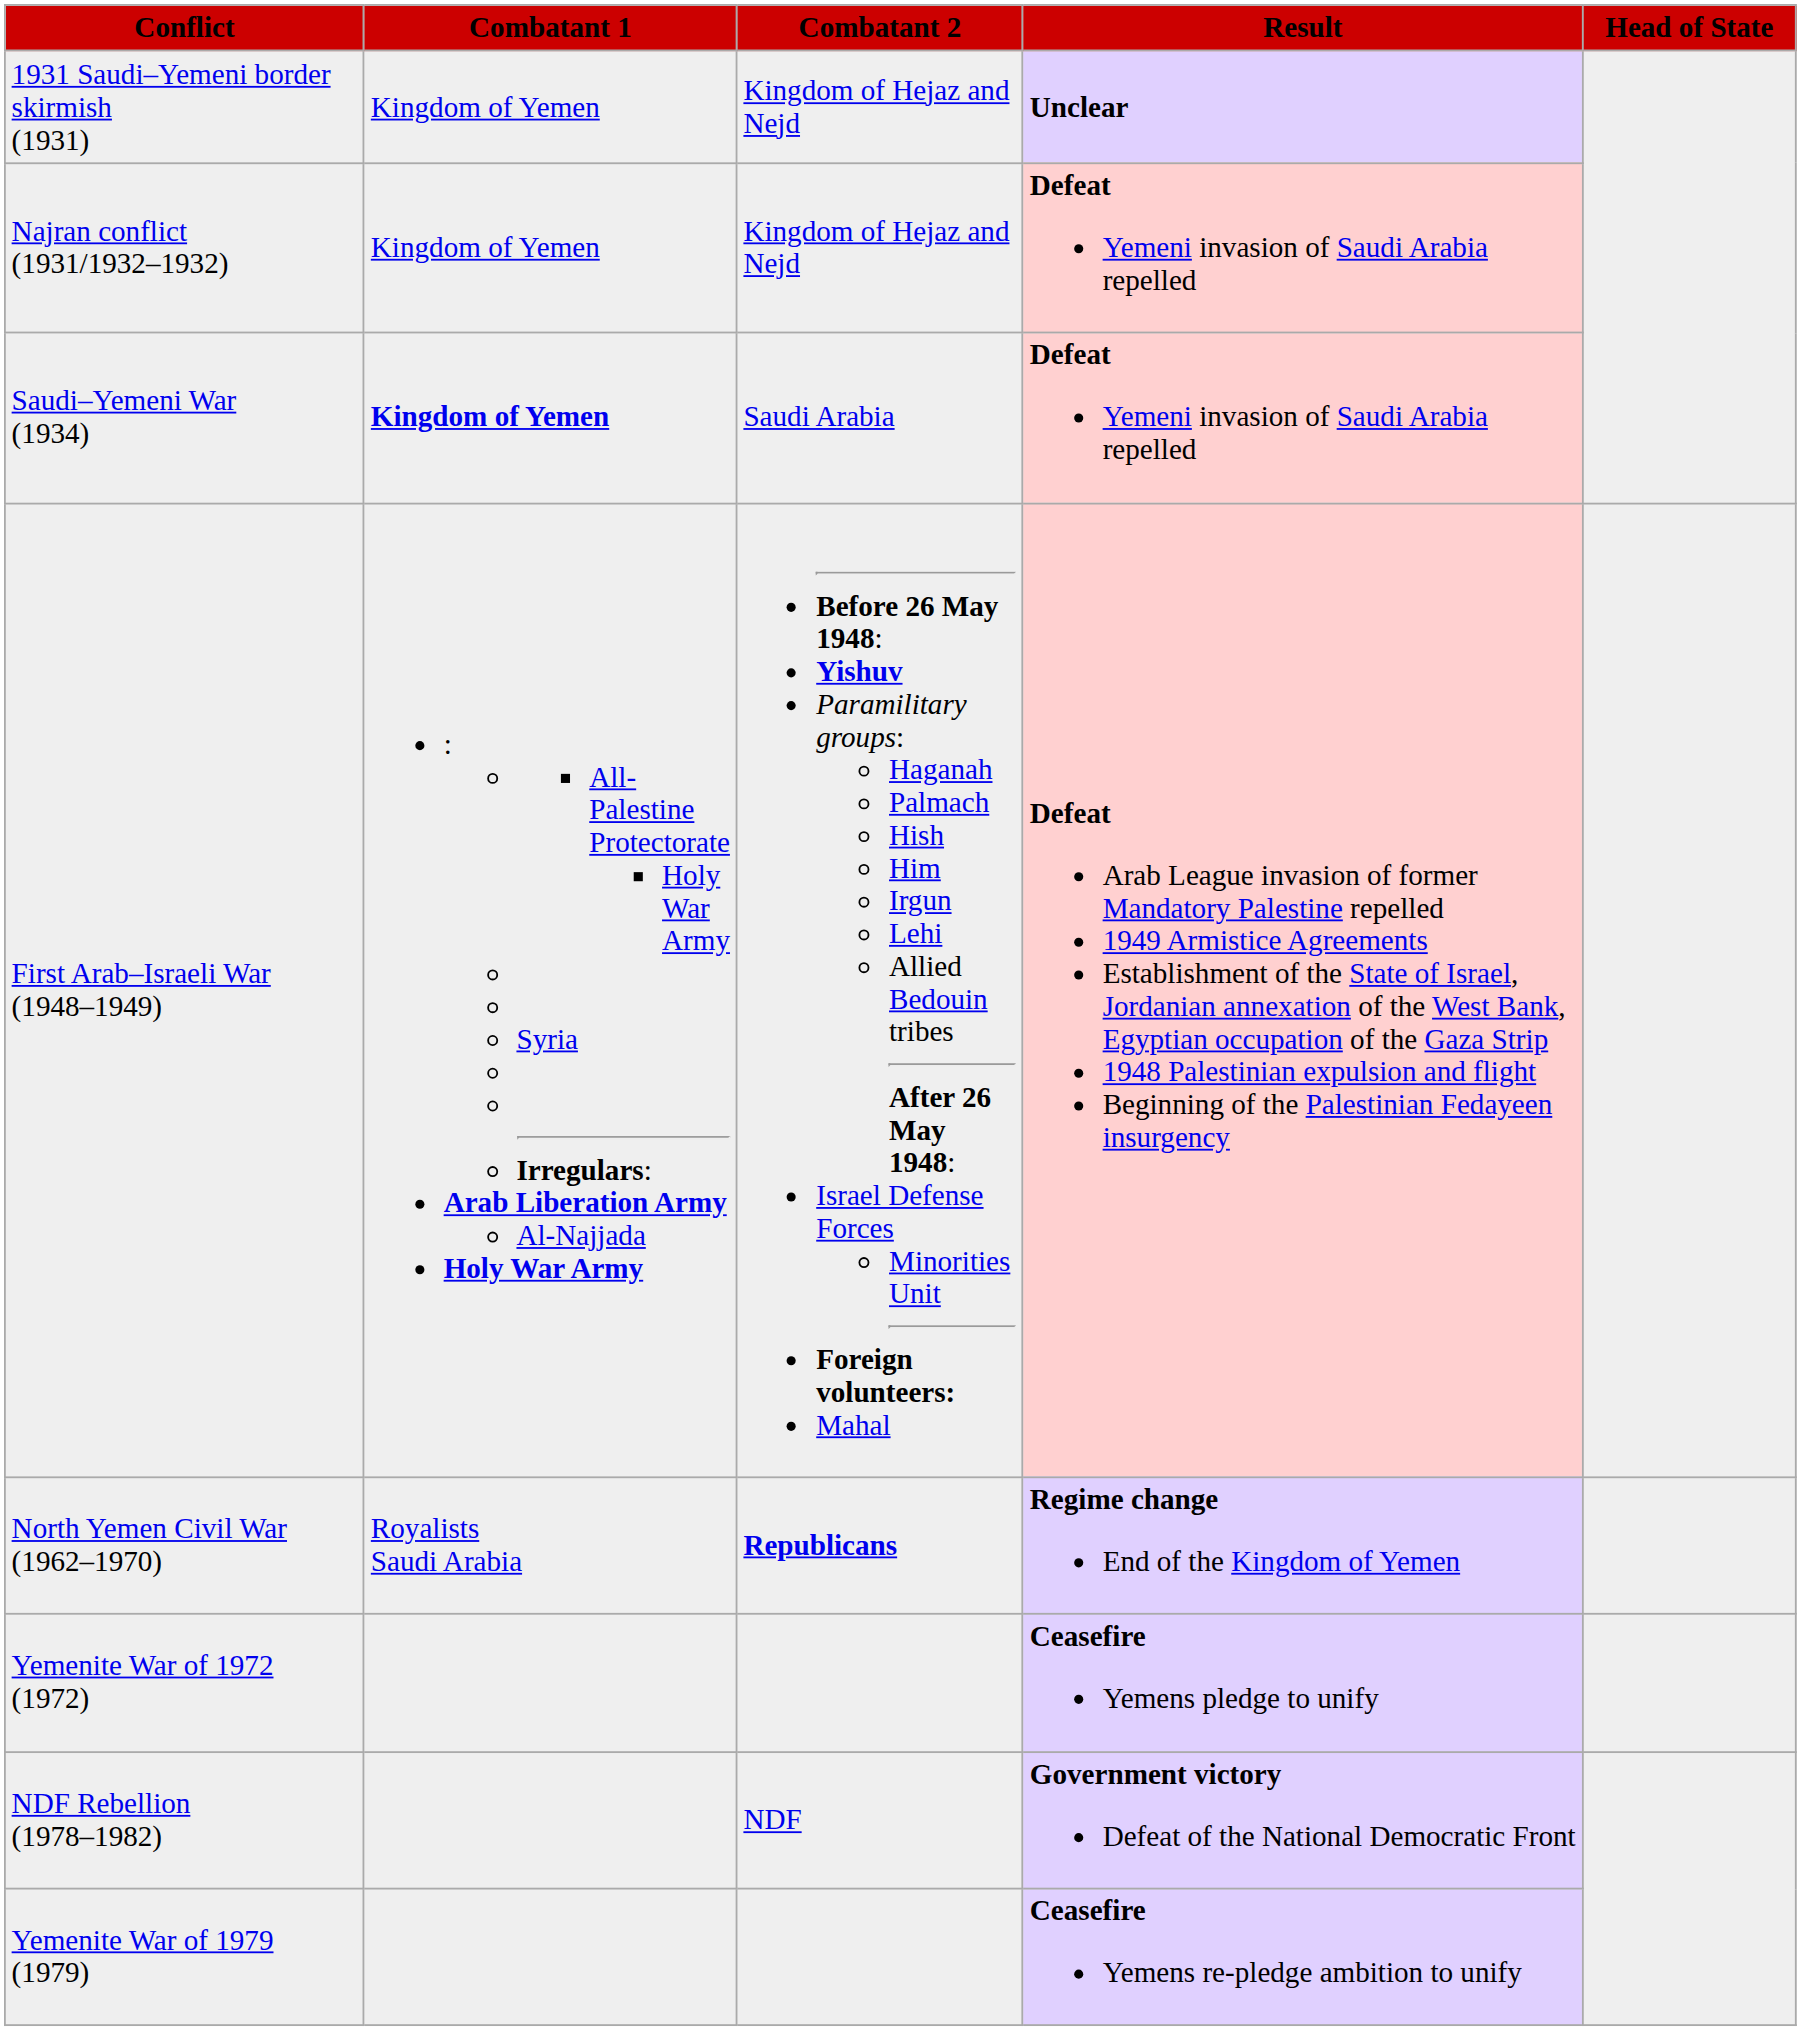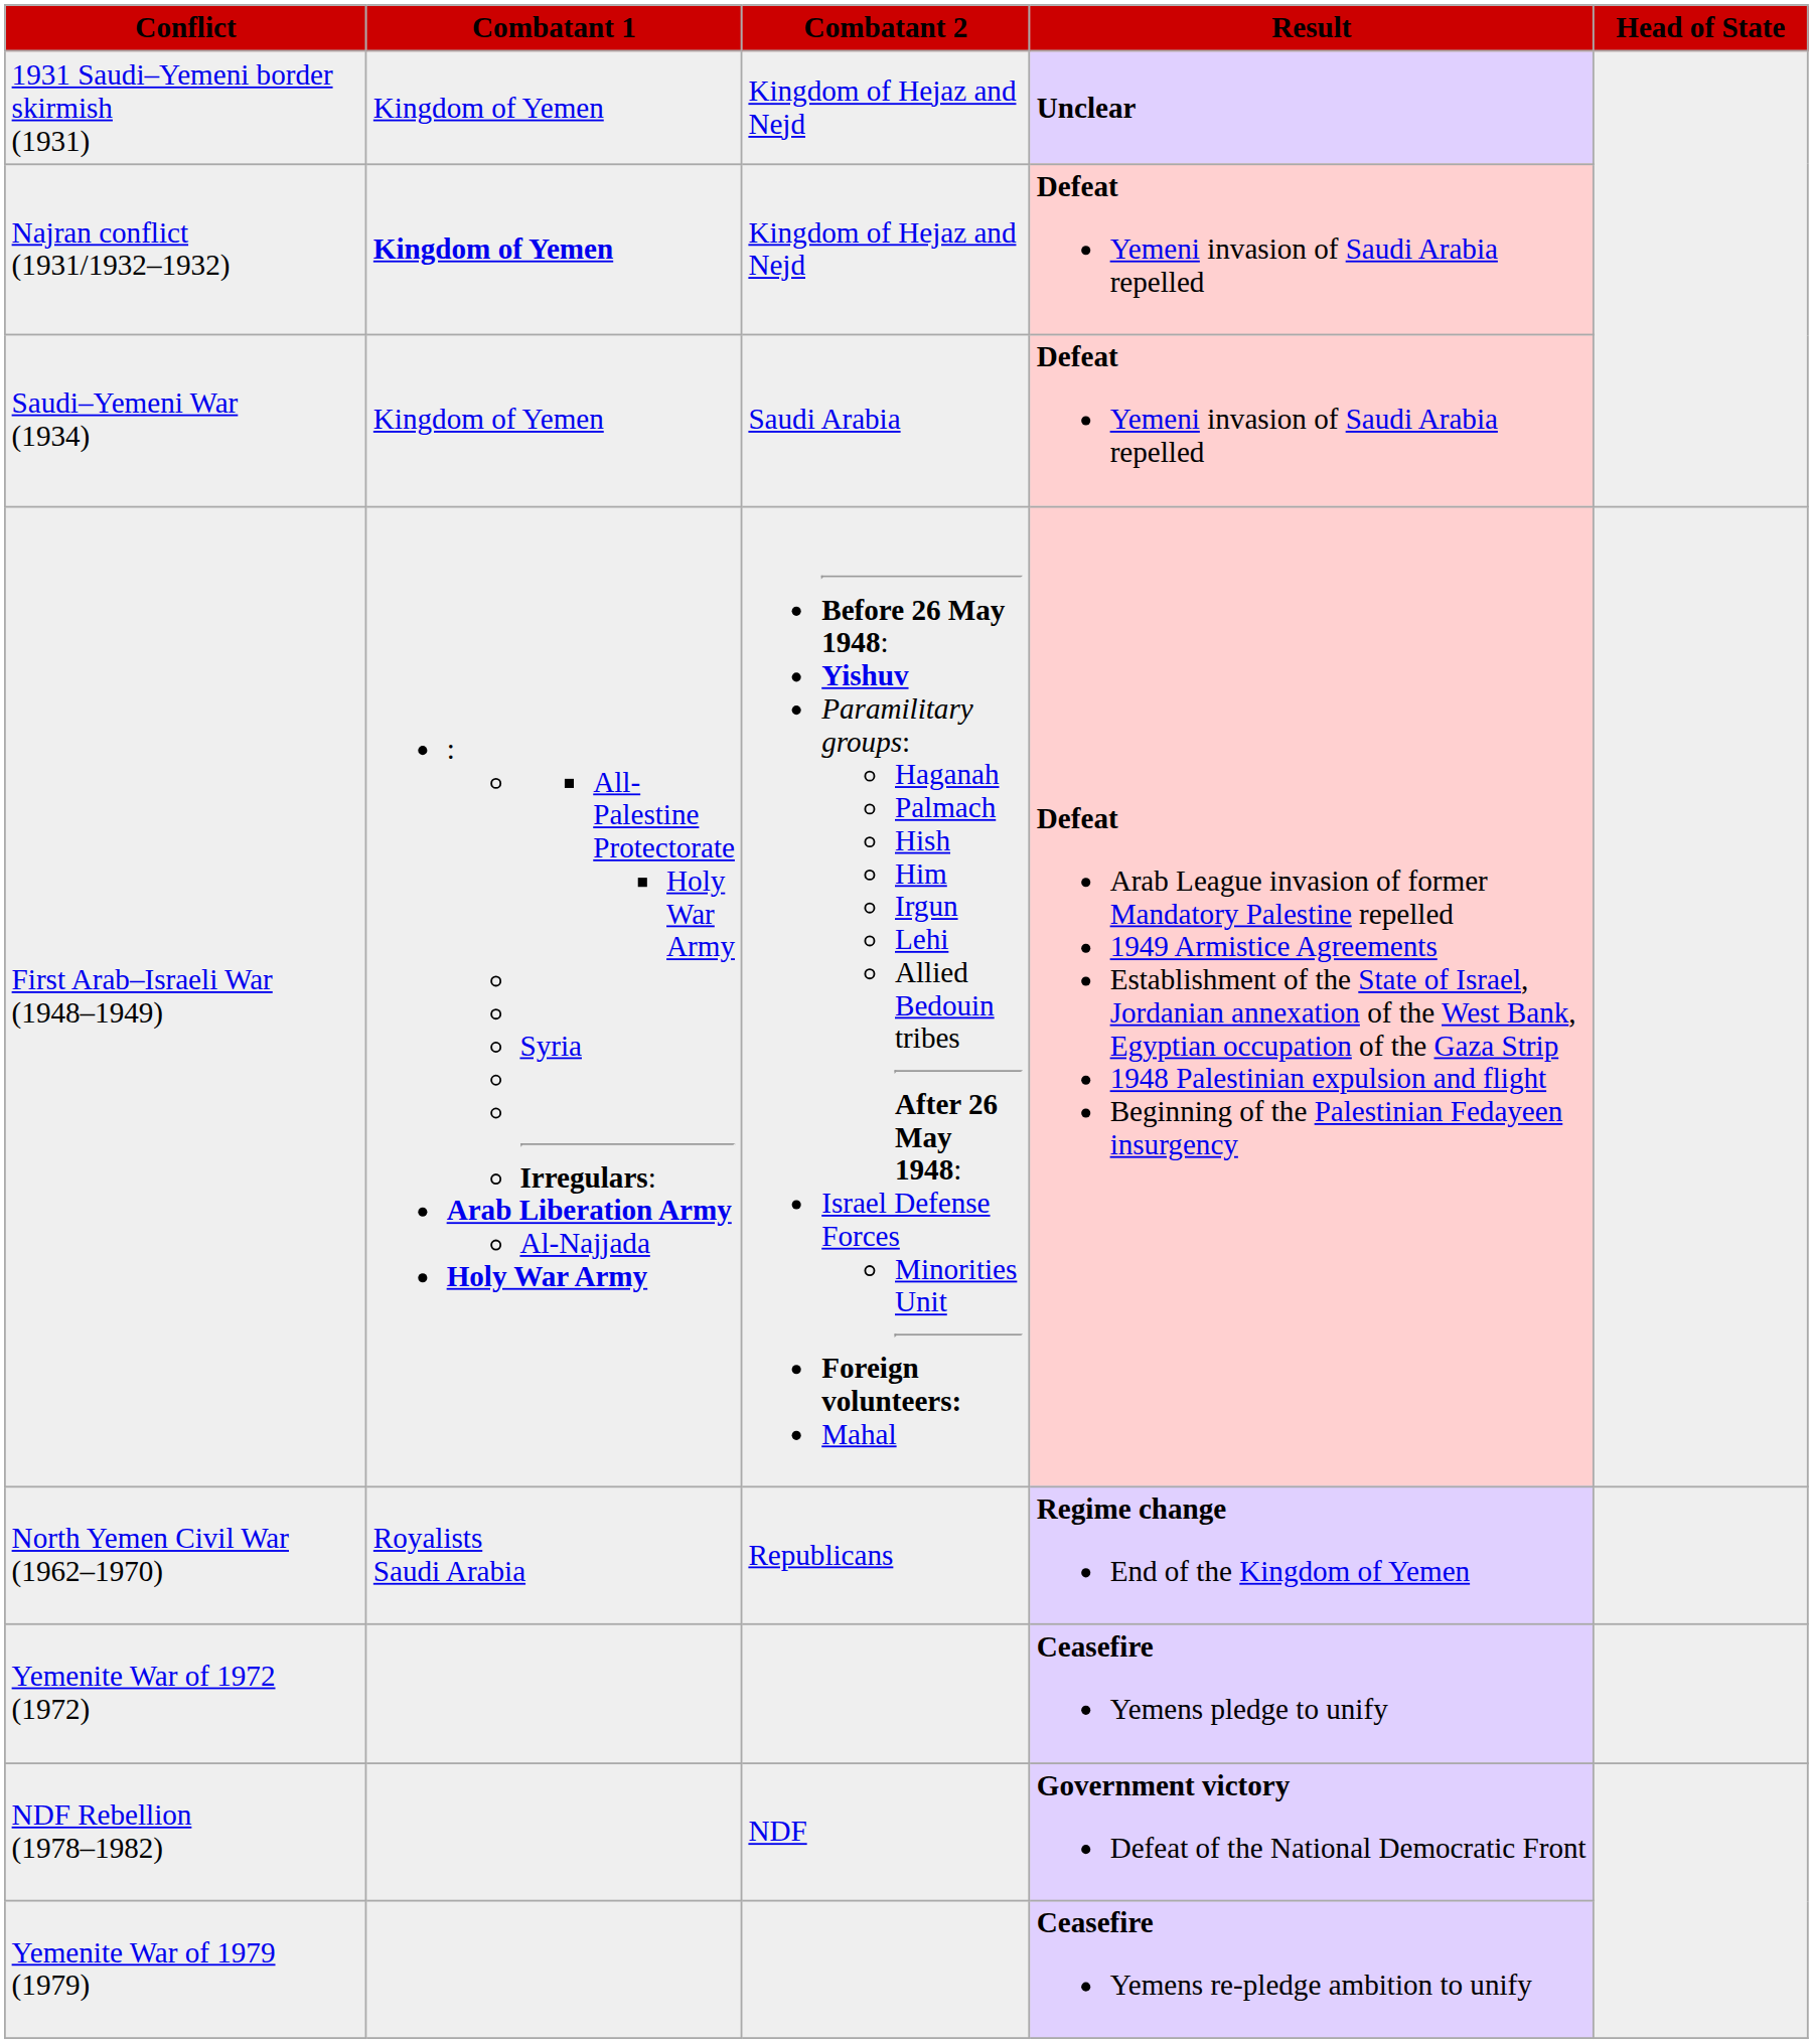 <table class="wikitable">
 <tr>
 <th style="background:#CC0000" width="190"><span>Conflict</span></th>
 <th style="background:#CC0000" width="150"><span>Combatant 1</span></th>
 <th style="background:#CC0000" width="150"><span>Combatant 2</span></th>
 <th style="background:#CC0000" width="300"><span>Result</span></th>
 <th style="background:#CC0000" width="110"><span>Head of State</span></th>
 </tr>
 <tr>
 <td style="background:#efefef"><a href='#'>1931 Saudi–Yemeni border skirmish</a> <br> (1931)</td>
 <td style="background:#efefef"> <a href='#'>Kingdom of Yemen</a></td>
 <td style="background:#efefef"> <a href='#'>Kingdom of Hejaz and Nejd</a></td>
 <td style="background:#E0D0FF"><strong>Unclear</strong></td>
 <td style="background:#efefef" rowspan=3></td>
 </tr>
 <tr>
 <td style="background:#efefef"><a href='#'>Najran conflict</a> <br> (1931/1932–1932)</td>
-<td style="background:#efefef"> <a href='#'>Kingdom of Yemen</a></td>
+<td style="background:#efefef"><strong> <a href='#'>Kingdom of Yemen</a></strong></td>
 <td style="background:#efefef"> <a href='#'>Kingdom of Hejaz and Nejd</a></td>
 <td style="background:#FFD0D0"><strong>Defeat</strong><br><ul><li><a href='#'>Yemeni</a> invasion of <a href='#'>Saudi Arabia</a> repelled</li></ul></td>
 </tr>
 <tr>
 <td style="background:#efefef"><a href='#'>Saudi–Yemeni War</a> <br>(1934)</td>
-<td style="background:#efefef"><strong> <a href='#'>Kingdom of Yemen</a></strong></td>
+<td style="background:#efefef"> <a href='#'>Kingdom of Yemen</a></td>
 <td style="background:#efefef"> <a href='#'>Saudi Arabia</a></td>
 <td style="background:#FFD0D0"><strong>Defeat</strong><br><ul><li><a href='#'>Yemeni</a> invasion of <a href='#'>Saudi Arabia</a> repelled</li></ul></td>
 </tr>
 <tr>
 <td style="background:#efefef"><a href='#'>First Arab–Israeli War</a><br>(1948–1949)</td>
 <td style="background:#efefef"><br><ul><li><strong></strong>:<ul><li><ul><li> <a href='#'>All-Palestine Protectorate</a><ul><li> <a href='#'>Holy War Army</a></li></ul></li></ul></li><li></li><li></li><li> <a href='#'>Syria</a></li><li></li><li></li><li><hr><strong>Irregulars</strong>:</li></ul></li><li> <strong><a href='#'>Arab Liberation Army</a></strong><ul><li> <a href='#'>Al-Najjada</a></li></ul></li><li> <strong><a href='#'>Holy War Army</a></strong></li></ul></td>
 <td style="background:#efefef"><br><ul><li><strong></strong><hr><strong>Before 26 May 1948</strong>:</li><li> <strong><a href='#'>Yishuv</a></strong></li><li><em>Paramilitary groups</em>:<ul><li> <a href='#'>Haganah</a></li><li> <a href='#'>Palmach</a></li><li> <a href='#'>Hish</a></li><li> <a href='#'>Him</a></li><li> <a href='#'>Irgun</a></li><li> <a href='#'>Lehi</a></li><li>Allied <a href='#'>Bedouin</a> tribes<hr><strong>After 26 May 1948</strong>:</li></ul></li><li>  <a href='#'>Israel Defense Forces</a><ul><li> <a href='#'>Minorities Unit</a><hr></li></ul></li><li><strong>Foreign volunteers:</strong></li><li><a href='#'>Mahal</a></li></ul></td>
 <td style="background:#FFD0D0"><strong>Defeat</strong><br><ul><li>Arab League invasion of former <a href='#'>Mandatory Palestine</a> repelled</li><li><a href='#'>1949 Armistice Agreements</a></li><li>Establishment of the <a href='#'>State of Israel</a>, <a href='#'>Jordanian annexation</a> of the <a href='#'>West Bank</a>, <a href='#'>Egyptian occupation</a> of the <a href='#'>Gaza Strip</a></li><li><a href='#'>1948 Palestinian expulsion and flight</a></li><li>Beginning of the <a href='#'>Palestinian Fedayeen insurgency</a></li></ul></td>
 <td style="background:#efefef"></td>
 </tr>
 <tr>
 <td style="background:#efefef"><a href='#'>North Yemen Civil War</a><br>(1962–1970)</td>
 <td style="background:#efefef"> <a href='#'>Royalists</a><br> <a href='#'>Saudi Arabia</a></td>
-<td style="background:#efefef"><strong> <a href='#'>Republicans</a><br></strong></td>
+<td style="background:#efefef"> <a href='#'>Republicans</a><br></td>
 <td style="background:#E0D0FF"><strong>Regime change</strong><br><ul><li>End of the <a href='#'>Kingdom of Yemen</a></li></ul></td>
 <td style="background:#efefef"></td>
 </tr>
 <tr>
 <td style="background:#efefef"><a href='#'>Yemenite War of 1972</a><br>(1972)</td>
 <td style="background:#efefef"></td>
 <td style="background:#efefef"></td>
 <td style="background:#E0D0FF"><strong>Ceasefire</strong><br><ul><li>Yemens pledge to unify</li></ul></td>
 <td style="background:#efefef"></td>
 </tr>
 <tr>
 <td style="background:#efefef"><a href='#'>NDF Rebellion</a><br>(1978–1982)</td>
 <td style="background:#efefef"></td>
 <td style="background:#efefef"> <a href='#'>NDF</a></td>
 <td style="background:#E0D0FF"><strong>Government victory</strong><br><ul><li>Defeat of the National Democratic Front</li></ul></td>
 <td style="background:#efefef" rowspan=2></td>
 </tr>
 <tr>
 <td style="background:#efefef"><a href='#'>Yemenite War of 1979</a><br>(1979)</td>
 <td style="background:#efefef"></td>
 <td style="background:#efefef"></td>
 <td style="background:#E0D0FF"><strong>Ceasefire</strong><br><ul><li>Yemens re-pledge ambition to unify</li></ul></td>
 </tr>
 </table>
